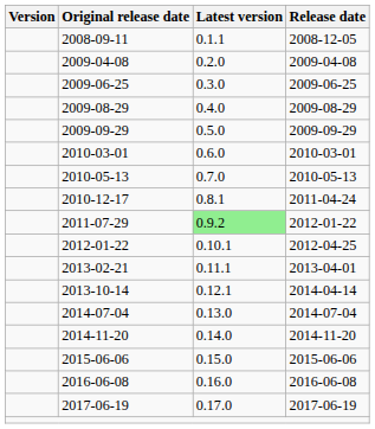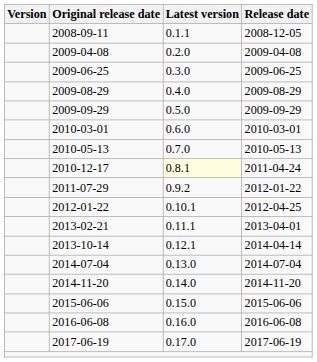 <table class="wikitable">
 <tr>
 <th>Version</th>
 <th>Original release date</th>
 <th>Latest version</th>
 <th>Release date</th>
 </tr>
 <tr>
 <td></td>
 <td>2008-09-11</td>
 <td>0.1.1</td>
 <td>2008-12-05</td>
 </tr>
 <tr>
 <td></td>
 <td>2009-04-08</td>
 <td>0.2.0</td>
 <td>2009-04-08</td>
 </tr>
 <tr>
 <td></td>
 <td>2009-06-25</td>
 <td>0.3.0</td>
 <td>2009-06-25</td>
 </tr>
 <tr>
 <td></td>
 <td>2009-08-29</td>
 <td>0.4.0</td>
 <td>2009-08-29</td>
 </tr>
 <tr>
 <td></td>
 <td>2009-09-29</td>
 <td>0.5.0</td>
 <td>2009-09-29</td>
 </tr>
 <tr>
 <td></td>
 <td>2010-03-01</td>
 <td>0.6.0</td>
 <td>2010-03-01</td>
 </tr>
 <tr>
 <td></td>
 <td>2010-05-13</td>
 <td>0.7.0</td>
 <td>2010-05-13</td>
 </tr>
 <tr>
 <td></td>
 <td>2010-12-17</td>
-<td>0.8.1</td>
+<td style="background: lightyellow;">0.8.1</td>
 <td>2011-04-24</td>
 </tr>
 <tr>
 <td></td>
 <td>2011-07-29</td>
-<td style="background: lightgreen;">0.9.2</td>
+<td>0.9.2</td>
 <td>2012-01-22</td>
 </tr>
 <tr>
 <td></td>
 <td>2012-01-22</td>
 <td>0.10.1</td>
 <td>2012-04-25</td>
 </tr>
 <tr>
 <td></td>
 <td>2013-02-21</td>
 <td>0.11.1</td>
 <td>2013-04-01</td>
 </tr>
 <tr>
 <td></td>
 <td>2013-10-14</td>
 <td>0.12.1</td>
 <td>2014-04-14</td>
 </tr>
 <tr>
 <td></td>
 <td>2014-07-04</td>
 <td>0.13.0</td>
 <td>2014-07-04</td>
 </tr>
 <tr>
 <td></td>
 <td>2014-11-20</td>
 <td>0.14.0</td>
 <td>2014-11-20</td>
 </tr>
 <tr>
 <td></td>
 <td>2015-06-06</td>
 <td>0.15.0</td>
 <td>2015-06-06</td>
 </tr>
 <tr>
 <td></td>
 <td>2016-06-08</td>
 <td>0.16.0</td>
 <td>2016-06-08</td>
 </tr>
 <tr>
 <td></td>
 <td>2017-06-19</td>
 <td>0.17.0</td>
 <td>2017-06-19</td>
 </tr>
 <tr>
 <td colspan="5"></td>
 </tr>
 </table>
